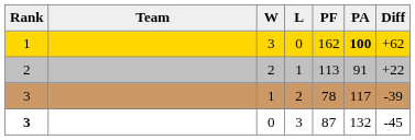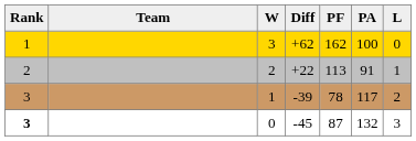 <table style=border-collapse:collapse border=1 cellspacing=0 cellpadding=5>
 <tr align=center bgcolor=#efefef>
 <th width=20>Rank</th>
 <th width=220>Team</th>
 <th width=20>W</th>
-<th width=20>L</th>
+<th width=20>Diff</th>
 <th width=20>PF</th>
 <th width=20>PA</th>
-<th width=20>Diff</th>
+<th width=20>L</th>
 </tr>
 <tr align=center bgcolor=gold>
 <td>1</td>
 <td align=left></td>
 <td>3</td>
+<td>+62</td>
+<td>162</td>
+<td>100</td>
 <td>0</td>
-<td>162</td>
-<td><strong>100</strong></td>
-<td>+62</td>
 </tr>
 <tr align=center bgcolor=silver>
 <td>2</td>
 <td align=left></td>
 <td>2</td>
-<td>1</td>
+<td>+22</td>
 <td>113</td>
 <td>91</td>
-<td>+22</td>
+<td>1</td>
 </tr>
 <tr align=center bgcolor=cc9966>
 <td>3</td>
 <td align=left></td>
 <td>1</td>
-<td>2</td>
+<td>-39</td>
 <td>78</td>
 <td>117</td>
-<td>-39</td>
+<td>2</td>
 </tr>
 <tr align=center>
 <td><strong>3</strong></td>
 <td align=left></td>
 <td>0</td>
-<td>3</td>
+<td>-45</td>
 <td>87</td>
 <td>132</td>
-<td>-45</td>
+<td>3</td>
 </tr>
 </table>
